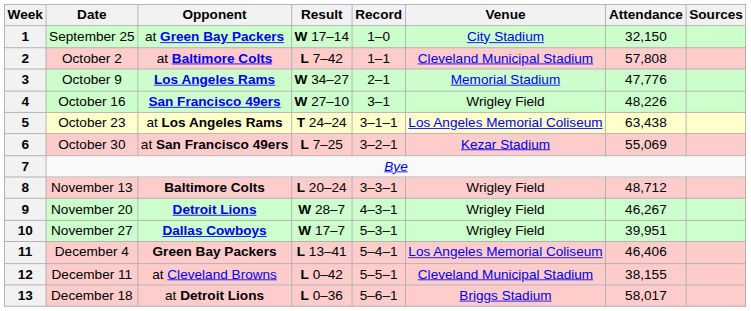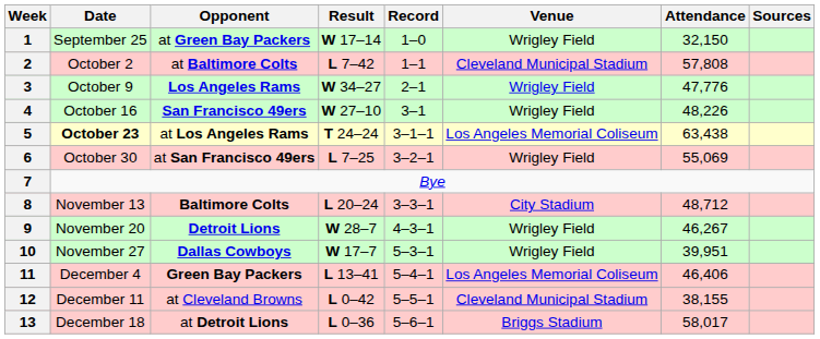 <table class="wikitable" style="text-align:center">
 <tr>
 <th>Week</th>
 <th>Date</th>
 <th>Opponent</th>
 <th>Result</th>
 <th>Record</th>
 <th>Venue</th>
 <th>Attendance</th>
 <th>Sources</th>
 </tr>
 <tr style="background:#cfc">
 <th>1</th>
 <td>September 25</td>
 <td>at <strong><a href='#'>Green Bay Packers</a></strong></td>
 <td><strong>W</strong> 17–14</td>
 <td>1–0</td>
-<td><a href='#'>City Stadium</a></td>
+<td>Wrigley Field</td>
 <td>32,150</td>
 <td></td>
 </tr>
 <tr style="background:#fcc">
 <th>2</th>
 <td>October 2</td>
 <td>at <strong><a href='#'>Baltimore Colts</a></strong></td>
 <td><strong>L</strong> 7–42</td>
 <td>1–1</td>
 <td><a href='#'>Cleveland Municipal Stadium</a></td>
 <td>57,808</td>
 <td></td>
 </tr>
 <tr style="background:#cfc">
 <th>3</th>
 <td>October 9</td>
 <td><strong><a href='#'>Los Angeles Rams</a></strong></td>
 <td><strong>W</strong> 34–27</td>
 <td>2–1</td>
-<td><a href='#'>Memorial Stadium</a></td>
+<td><a href='#'>Wrigley Field</a></td>
 <td>47,776</td>
 <td></td>
 </tr>
 <tr style="background:#cfc">
 <th>4</th>
 <td>October 16</td>
 <td><strong><a href='#'>San Francisco 49ers</a></strong></td>
 <td><strong>W</strong> 27–10</td>
 <td>3–1</td>
 <td>Wrigley Field</td>
 <td>48,226</td>
 <td></td>
 </tr>
 <tr style="background:#ffc">
 <th>5</th>
-<td>October 23</td>
+<td><strong>October 23</strong></td>
 <td>at <strong>Los Angeles Rams</strong></td>
 <td><strong>T</strong> 24–24</td>
 <td>3–1–1</td>
 <td><a href='#'>Los Angeles Memorial Coliseum</a></td>
 <td>63,438</td>
 <td></td>
 </tr>
 <tr style="background:#fcc">
 <th>6</th>
 <td>October 30</td>
 <td>at <strong>San Francisco 49ers</strong></td>
 <td><strong>L</strong> 7–25</td>
 <td>3–2–1</td>
-<td><a href='#'>Kezar Stadium</a></td>
+<td>Wrigley Field</td>
 <td>55,069</td>
 <td></td>
 </tr>
 <tr>
 <th>7</th>
 <td colspan="7"><em><a href='#'>Bye</a></em></td>
 </tr>
 <tr style="background:#fcc">
 <th>8</th>
 <td>November 13</td>
 <td><strong>Baltimore Colts</strong></td>
 <td><strong>L</strong> 20–24</td>
 <td>3–3–1</td>
-<td>Wrigley Field</td>
+<td><a href='#'>City Stadium</a></td>
 <td>48,712</td>
 <td></td>
 </tr>
 <tr style="background:#cfc">
 <th>9</th>
 <td>November 20</td>
 <td><strong><a href='#'>Detroit Lions</a></strong></td>
 <td><strong>W</strong> 28–7</td>
 <td>4–3–1</td>
 <td>Wrigley Field</td>
 <td>46,267</td>
 <td></td>
 </tr>
 <tr style="background:#cfc">
 <th>10</th>
 <td>November 27</td>
 <td><strong><a href='#'>Dallas Cowboys</a></strong></td>
 <td><strong>W</strong> 17–7</td>
 <td>5–3–1</td>
 <td>Wrigley Field</td>
 <td>39,951</td>
 <td></td>
 </tr>
 <tr style="background:#fcc">
 <th>11</th>
 <td>December 4</td>
 <td><strong>Green Bay Packers</strong></td>
 <td><strong>L</strong> 13–41</td>
 <td>5–4–1</td>
 <td><a href='#'>Los Angeles Memorial Coliseum</a></td>
 <td>46,406</td>
 <td></td>
 </tr>
 <tr style="background:#fcc">
 <th>12</th>
 <td>December 11</td>
 <td>at <a href='#'>Cleveland Browns</a></td>
 <td><strong>L</strong> 0–42</td>
 <td>5–5–1</td>
 <td><a href='#'>Cleveland Municipal Stadium</a></td>
 <td>38,155</td>
 <td></td>
 </tr>
 <tr style="background:#fcc">
 <th>13</th>
 <td>December 18</td>
 <td>at <strong>Detroit Lions</strong></td>
 <td><strong>L</strong> 0–36</td>
 <td>5–6–1</td>
 <td><a href='#'>Briggs Stadium</a></td>
 <td>58,017</td>
 <td></td>
 </tr>
 </table>
